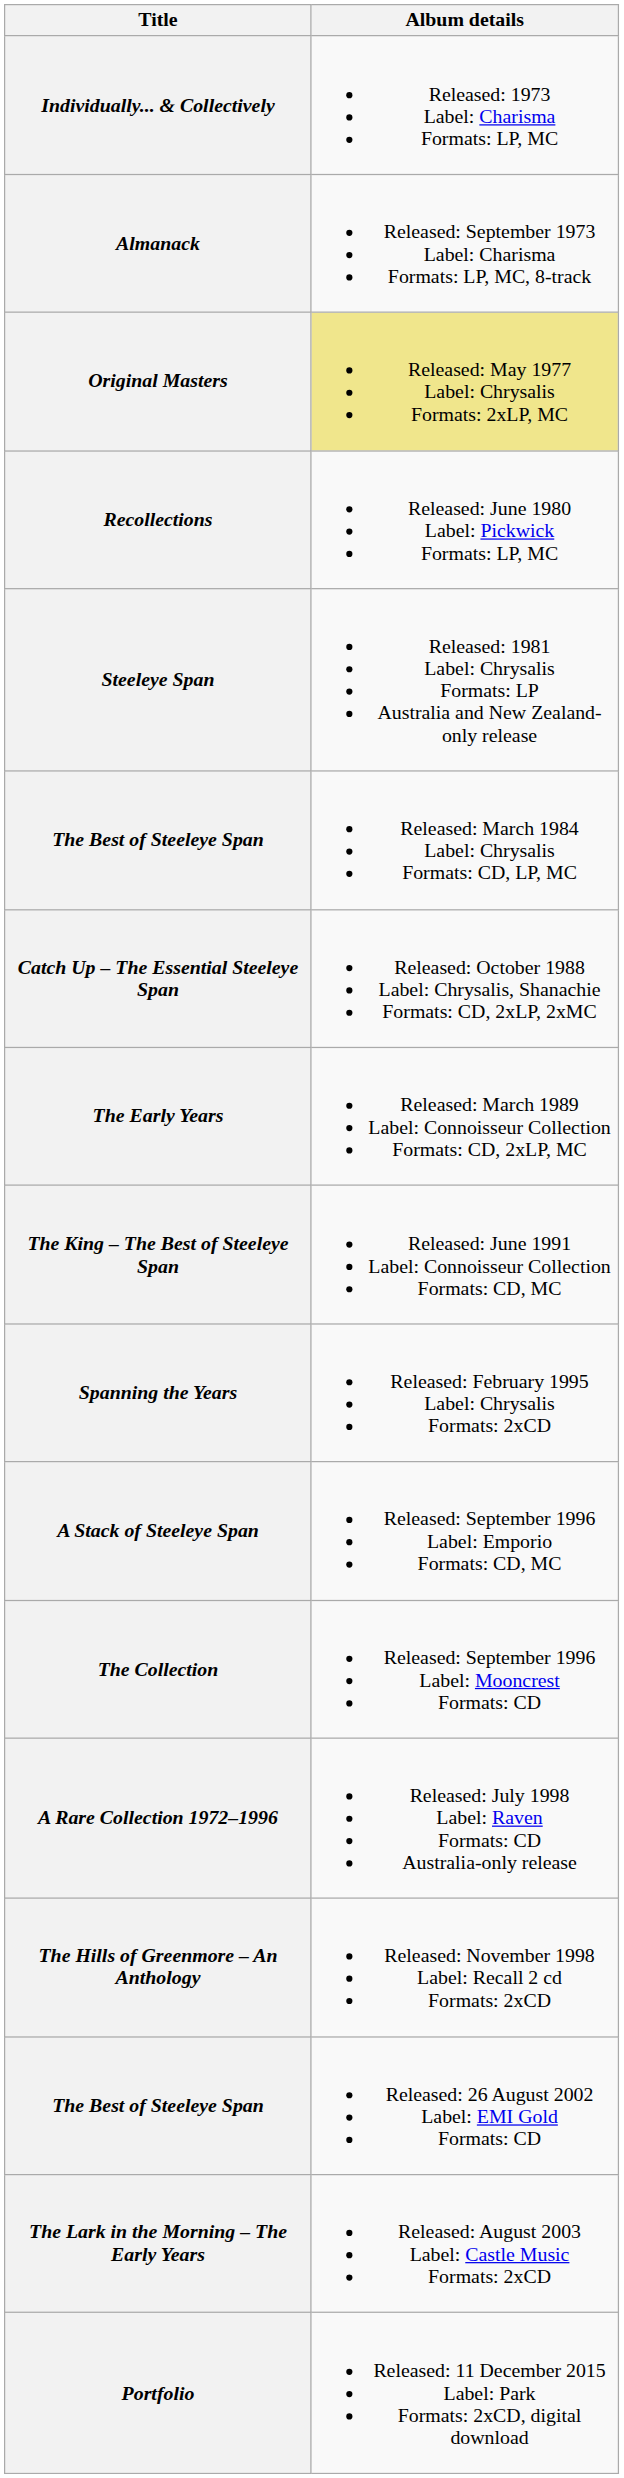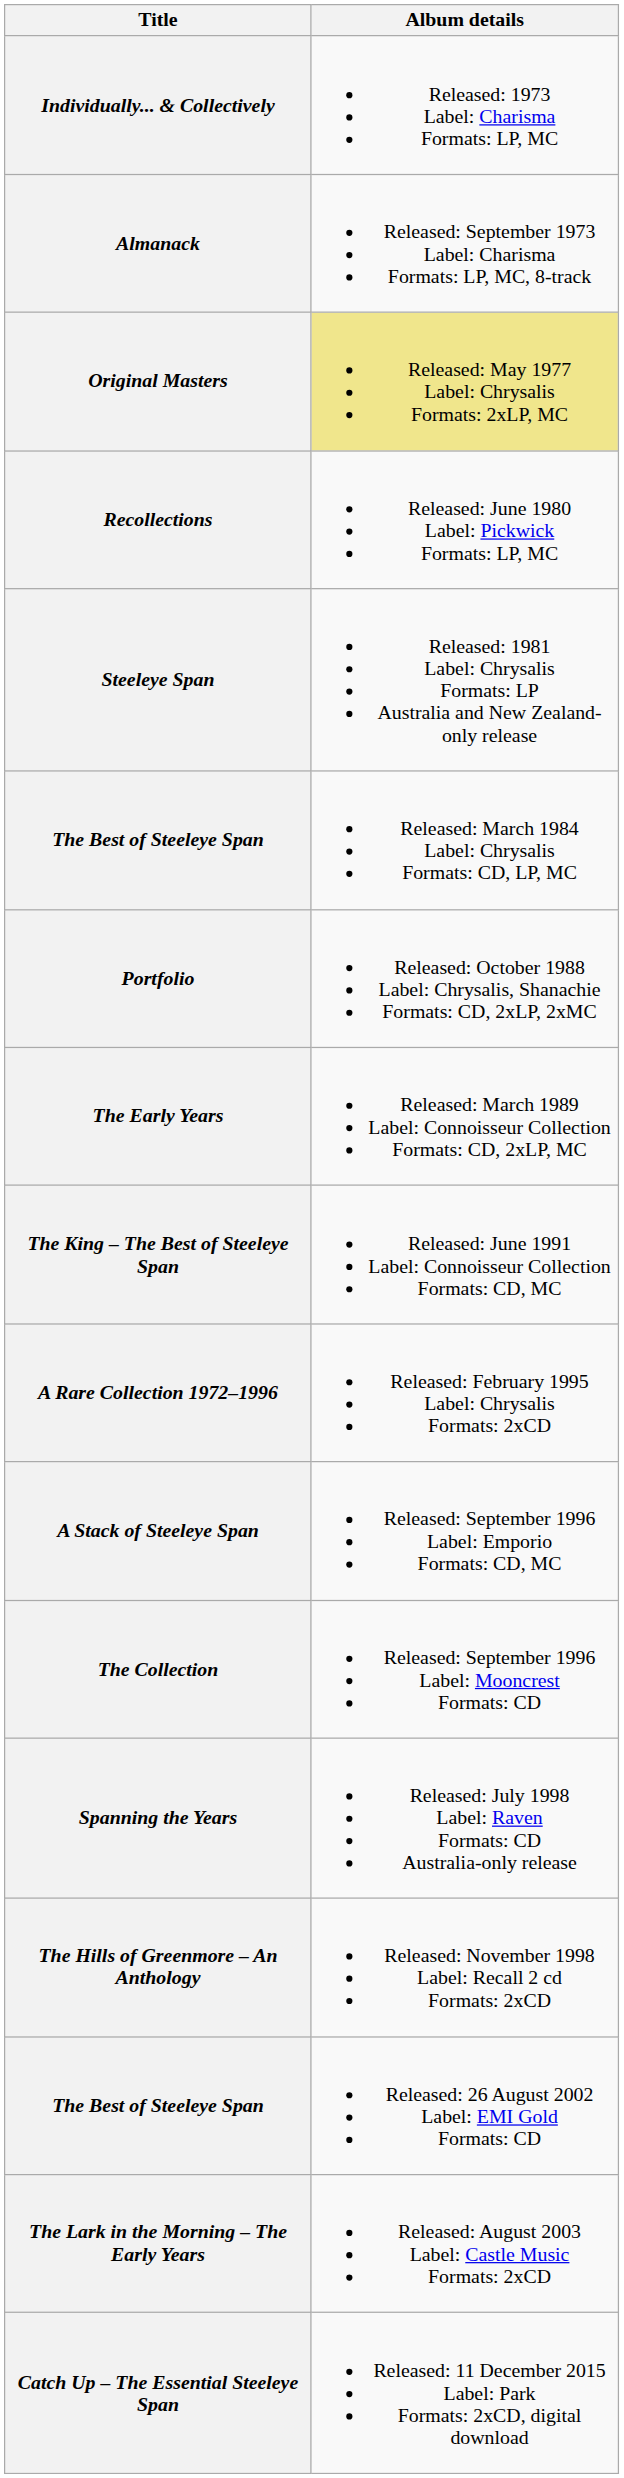 <table class="wikitable plainrowheaders" style="text-align:center;">
 <tr>
 <th scope="col" style="width:15em;">Title</th>
 <th scope="col" style="width:15em;">Album details</th>
 </tr>
 <tr>
 <th scope="row"><em>Individually... & Collectively</em></th>
 <td><br><ul><li>Released: 1973</li><li>Label: <a href='#'>Charisma</a></li><li>Formats: LP, MC</li></ul></td>
 </tr>
 <tr>
 <th scope="row"><em>Almanack</em></th>
 <td><br><ul><li>Released: September 1973</li><li>Label: Charisma</li><li>Formats: LP, MC, 8-track</li></ul></td>
 </tr>
 <tr>
 <th scope="row"><em>Original Masters</em></th>
 <td style="background: khaki;"><br><ul><li>Released: May 1977</li><li>Label: Chrysalis</li><li>Formats: 2xLP, MC</li></ul></td>
 </tr>
 <tr>
 <th scope="row"><em>Recollections</em></th>
 <td><br><ul><li>Released: June 1980</li><li>Label: <a href='#'>Pickwick</a></li><li>Formats: LP, MC</li></ul></td>
 </tr>
 <tr>
 <th scope="row"><em>Steeleye Span</em></th>
 <td><br><ul><li>Released: 1981</li><li>Label: Chrysalis</li><li>Formats: LP</li><li>Australia and New Zealand-only release</li></ul></td>
 </tr>
 <tr>
 <th scope="row"><em>The Best of Steeleye Span</em></th>
 <td><br><ul><li>Released: March 1984</li><li>Label: Chrysalis</li><li>Formats: CD, LP, MC</li></ul></td>
 </tr>
 <tr>
-<th scope="row"><em>Catch Up – The Essential Steeleye Span</em></th>
+<th scope="row"><em>Portfolio</em></th>
 <td><br><ul><li>Released: October 1988</li><li>Label: Chrysalis, Shanachie</li><li>Formats: CD, 2xLP, 2xMC</li></ul></td>
 </tr>
 <tr>
 <th scope="row"><em>The Early Years</em></th>
 <td><br><ul><li>Released: March 1989</li><li>Label: Connoisseur Collection</li><li>Formats: CD, 2xLP, MC</li></ul></td>
 </tr>
 <tr>
 <th scope="row"><em>The King – The Best of Steeleye Span</em></th>
 <td><br><ul><li>Released: June 1991</li><li>Label: Connoisseur Collection</li><li>Formats: CD, MC</li></ul></td>
 </tr>
 <tr>
-<th scope="row"><em>Spanning the Years</em></th>
+<th scope="row"><em>A Rare Collection 1972–1996</em></th>
 <td><br><ul><li>Released: February 1995</li><li>Label: Chrysalis</li><li>Formats: 2xCD</li></ul></td>
 </tr>
 <tr>
 <th scope="row"><em>A Stack of Steeleye Span</em></th>
 <td><br><ul><li>Released: September 1996</li><li>Label: Emporio</li><li>Formats: CD, MC</li></ul></td>
 </tr>
 <tr>
 <th scope="row"><em>The Collection</em></th>
 <td><br><ul><li>Released: September 1996</li><li>Label: <a href='#'>Mooncrest</a></li><li>Formats: CD</li></ul></td>
 </tr>
 <tr>
-<th scope="row"><em>A Rare Collection 1972–1996</em></th>
+<th scope="row"><em>Spanning the Years</em></th>
 <td><br><ul><li>Released: July 1998</li><li>Label: <a href='#'>Raven</a></li><li>Formats: CD</li><li>Australia-only release</li></ul></td>
 </tr>
 <tr>
 <th scope="row"><em>The Hills of Greenmore – An Anthology</em></th>
 <td><br><ul><li>Released: November 1998</li><li>Label: Recall 2 cd</li><li>Formats: 2xCD</li></ul></td>
 </tr>
 <tr>
 <th scope="row"><em>The Best of Steeleye Span</em></th>
 <td><br><ul><li>Released: 26 August 2002</li><li>Label: <a href='#'>EMI Gold</a></li><li>Formats: CD</li></ul></td>
 </tr>
 <tr>
 <th scope="row"><em>The Lark in the Morning – The Early Years</em></th>
 <td><br><ul><li>Released: August 2003</li><li>Label: <a href='#'>Castle Music</a></li><li>Formats: 2xCD</li></ul></td>
 </tr>
 <tr>
-<th scope="row"><em>Portfolio</em></th>
+<th scope="row"><em>Catch Up – The Essential Steeleye Span</em></th>
 <td><br><ul><li>Released: 11 December 2015</li><li>Label: Park</li><li>Formats: 2xCD, digital download</li></ul></td>
 </tr>
 </table>
